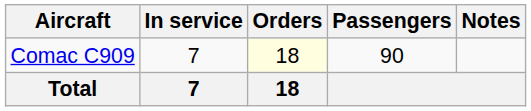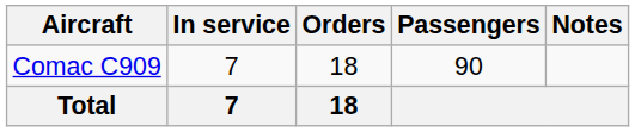 <table class="wikitable" style="margin:1em auto; border-collapse:collapse;text-align:center">
 <tr>
 <th>Aircraft</th>
 <th>In service</th>
 <th>Orders</th>
 <th>Passengers</th>
 <th>Notes</th>
 </tr>
 <tr>
 <td><a href='#'>Comac C909</a></td>
 <td>7</td>
-<td style="background: lightyellow;">18</td>
+<td>18</td>
 <td>90</td>
 <td></td>
 </tr>
 <tr>
 <th>Total</th>
 <th>7</th>
 <th>18</th>
 <th colspan="2"></th>
 </tr>
 </table>
